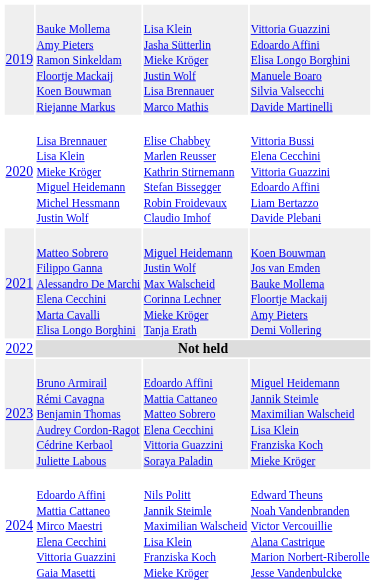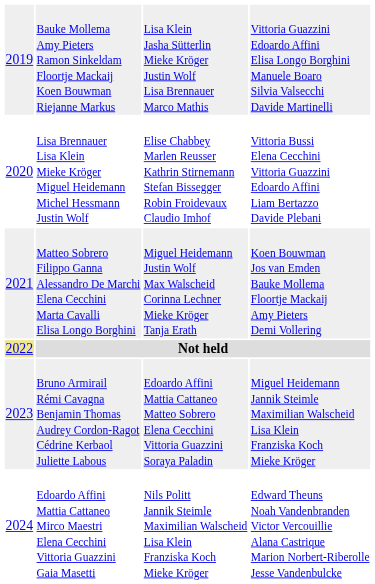 <table>
 <tr bgcolor="#EFEFEF">
 <td><a href='#'>2019</a></td>
 <td><br><small><a href='#'>Bauke Mollema</a> <br> <a href='#'>Amy Pieters</a> <br> <a href='#'>Ramon Sinkeldam</a> <br> <a href='#'>Floortje Mackaij</a> <br> <a href='#'>Koen Bouwman</a> <br> <a href='#'>Riejanne Markus</a></small></td>
 <td><br><small><a href='#'>Lisa Klein</a> <br> <a href='#'>Jasha Sütterlin</a> <br> <a href='#'>Mieke Kröger</a> <br> <a href='#'>Justin Wolf</a> <br> <a href='#'>Lisa Brennauer</a> <br> <a href='#'>Marco Mathis</a></small></td>
 <td><br><small><a href='#'>Vittoria Guazzini</a> <br> <a href='#'>Edoardo Affini</a> <br> <a href='#'>Elisa Longo Borghini</a> <br> <a href='#'>Manuele Boaro</a> <br> <a href='#'>Silvia Valsecchi</a> <br> <a href='#'>Davide Martinelli</a></small></td>
 </tr>
 <tr>
 <td><a href='#'>2020</a></td>
 <td><br><small><a href='#'>Lisa Brennauer</a> <br> <a href='#'>Lisa Klein</a> <br> <a href='#'>Mieke Kröger</a> <br> <a href='#'>Miguel Heidemann</a>  <br> <a href='#'>Michel Hessmann</a> <br> <a href='#'>Justin Wolf</a></small></td>
 <td><br><small><a href='#'>Elise Chabbey</a> <br> <a href='#'>Marlen Reusser</a> <br> <a href='#'>Kathrin Stirnemann</a> <br> <a href='#'>Stefan Bissegger</a>  <br> <a href='#'>Robin Froidevaux</a> <br> <a href='#'>Claudio Imhof</a></small></td>
 <td><br><small><a href='#'>Vittoria Bussi</a> <br> <a href='#'>Elena Cecchini</a> <br> <a href='#'>Vittoria Guazzini</a> <br> <a href='#'>Edoardo Affini</a> <br> <a href='#'>Liam Bertazzo</a> <br>  <a href='#'>Davide Plebani</a></small></td>
 </tr>
 <tr bgcolor="#EFEFEF">
 <td><a href='#'>2021</a><br></td>
 <td><br><small><a href='#'>Matteo Sobrero</a><br><a href='#'>Filippo Ganna</a><br><a href='#'>Alessandro De Marchi</a><br><a href='#'>Elena Cecchini</a><br><a href='#'>Marta Cavalli</a><br><a href='#'>Elisa Longo Borghini</a></small></td>
 <td><br><small><a href='#'>Miguel Heidemann</a><br><a href='#'>Justin Wolf</a><br><a href='#'>Max Walscheid</a><br><a href='#'>Corinna Lechner</a><br><a href='#'>Mieke Kröger</a><br><a href='#'>Tanja Erath</a></small></td>
 <td><br><small><a href='#'>Koen Bouwman</a><br><a href='#'>Jos van Emden</a><br><a href='#'>Bauke Mollema</a><br><a href='#'>Floortje Mackaij</a><br><a href='#'>Amy Pieters</a><br><a href='#'>Demi Vollering</a></small></td>
 </tr>
 <tr>
-<td><a href='#'>2022</a></td>
+<td style="background: khaki;"><a href='#'>2022</a></td>
 <th colspan=3 bgcolor=dddddd>Not held</th>
 </tr>
 <tr bgcolor="#EFEFEF">
 <td><a href='#'>2023</a></td>
 <td><br><small><a href='#'>Bruno Armirail</a><br><a href='#'>Rémi Cavagna</a><br><a href='#'>Benjamin Thomas</a><br><a href='#'>Audrey Cordon-Ragot</a><br><a href='#'>Cédrine Kerbaol</a><br><a href='#'>Juliette Labous</a></small></td>
 <td><br><small><a href='#'>Edoardo Affini</a><br><a href='#'>Mattia Cattaneo</a><br><a href='#'>Matteo Sobrero</a><br><a href='#'>Elena Cecchini</a><br><a href='#'>Vittoria Guazzini</a><br><a href='#'>Soraya Paladin</a></small></td>
 <td><br><small><a href='#'>Miguel Heidemann</a><br><a href='#'>Jannik Steimle</a><br><a href='#'>Maximilian Walscheid</a><br><a href='#'>Lisa Klein</a><br><a href='#'>Franziska Koch</a><br><a href='#'>Mieke Kröger</a></small></td>
 </tr>
 <tr>
 <td><a href='#'>2024</a></td>
 <td><br><small><a href='#'>Edoardo Affini</a><br><a href='#'>Mattia Cattaneo</a><br><a href='#'>Mirco Maestri</a><br><a href='#'>Elena Cecchini</a><br><a href='#'>Vittoria Guazzini</a><br><a href='#'>Gaia Masetti</a></small></td>
 <td><br><small><a href='#'>Nils Politt</a><br><a href='#'>Jannik Steimle</a><br><a href='#'>Maximilian Walscheid</a><br><a href='#'>Lisa Klein</a><br><a href='#'>Franziska Koch</a><br><a href='#'>Mieke Kröger</a></small></td>
 <td><br><small><a href='#'>Edward Theuns</a><br><a href='#'>Noah Vandenbranden</a><br><a href='#'>Victor Vercouillie</a><br><a href='#'>Alana Castrique</a><br><a href='#'>Marion Norbert-Riberolle</a><br><a href='#'>Jesse Vandenbulcke</a></small></td>
 </tr>
 </table>
